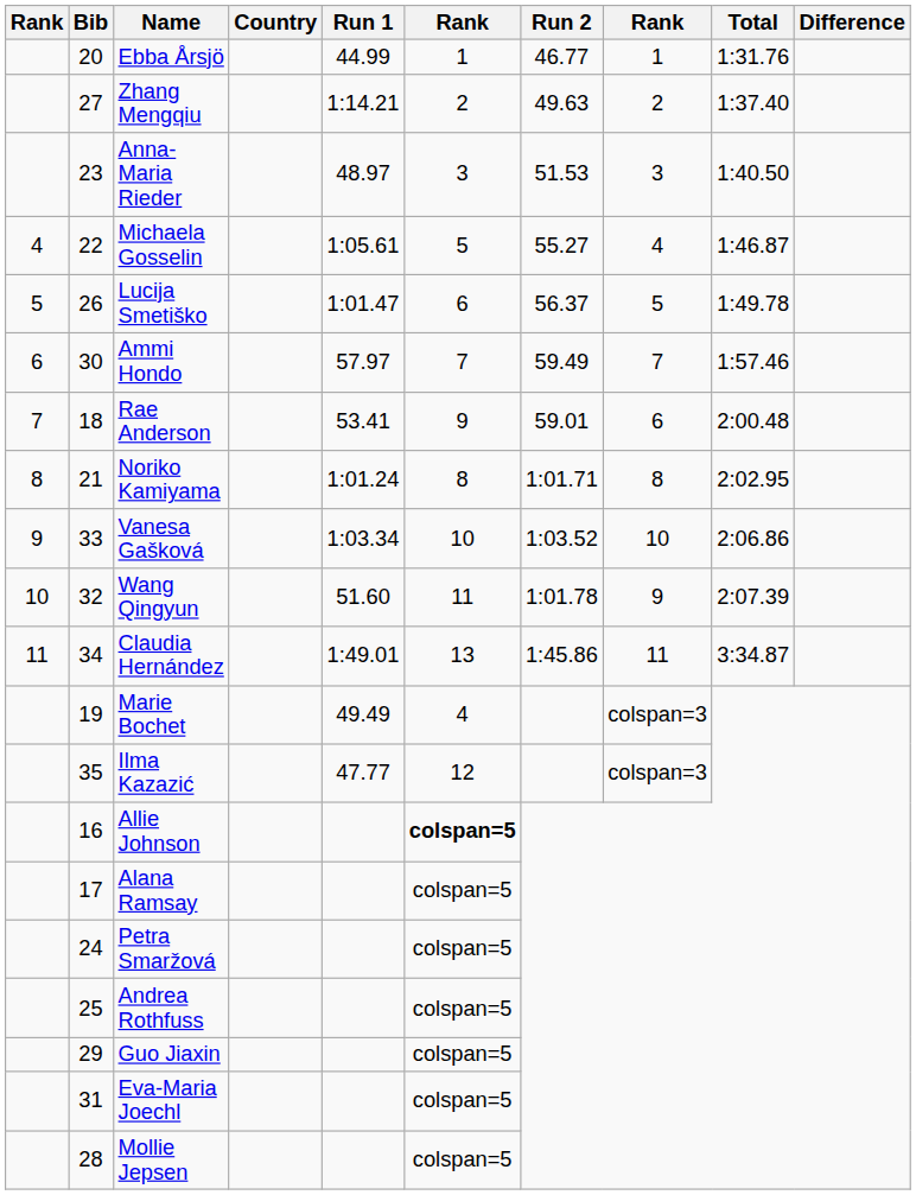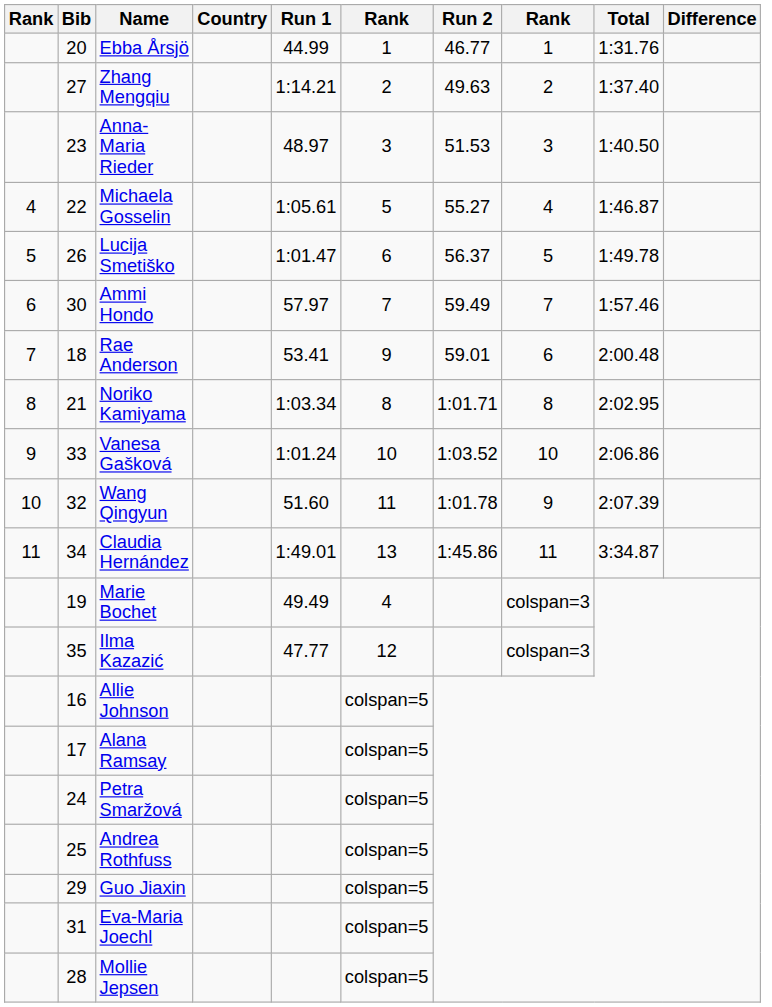 <table class="wikitable sortable" style="text-align:center">
 <tr>
 <th>Rank</th>
 <th>Bib</th>
 <th>Name</th>
 <th>Country</th>
 <th>Run 1</th>
 <th>Rank</th>
 <th>Run 2</th>
 <th>Rank</th>
 <th>Total</th>
 <th>Difference</th>
 </tr>
 <tr>
 <td></td>
 <td>20</td>
 <td align="left"><a href='#'>Ebba Årsjö</a></td>
 <td align="left"></td>
 <td>44.99</td>
 <td>1</td>
 <td>46.77</td>
 <td>1</td>
 <td>1:31.76</td>
 <td></td>
 </tr>
 <tr>
 <td></td>
 <td>27</td>
 <td align="left"><a href='#'>Zhang Mengqiu</a></td>
 <td align="left"></td>
 <td>1:14.21</td>
 <td>2</td>
 <td>49.63</td>
 <td>2</td>
 <td>1:37.40</td>
 <td></td>
 </tr>
 <tr>
 <td></td>
 <td>23</td>
 <td align="left"><a href='#'>Anna-Maria Rieder</a></td>
 <td align="left"></td>
 <td>48.97</td>
 <td>3</td>
 <td>51.53</td>
 <td>3</td>
 <td>1:40.50</td>
 <td></td>
 </tr>
 <tr>
 <td>4</td>
 <td>22</td>
 <td align="left"><a href='#'>Michaela Gosselin</a></td>
 <td align="left"></td>
 <td>1:05.61</td>
 <td>5</td>
 <td>55.27</td>
 <td>4</td>
 <td>1:46.87</td>
 <td></td>
 </tr>
 <tr>
 <td>5</td>
 <td>26</td>
 <td align="left"><a href='#'>Lucija Smetiško</a></td>
 <td align="left"></td>
 <td>1:01.47</td>
 <td>6</td>
 <td>56.37</td>
 <td>5</td>
 <td>1:49.78</td>
 <td></td>
 </tr>
 <tr>
 <td>6</td>
 <td>30</td>
 <td align="left"><a href='#'>Ammi Hondo</a></td>
 <td align="left"></td>
 <td>57.97</td>
 <td>7</td>
 <td>59.49</td>
 <td>7</td>
 <td>1:57.46</td>
 <td></td>
 </tr>
 <tr>
 <td>7</td>
 <td>18</td>
 <td align="left"><a href='#'>Rae Anderson</a></td>
 <td align="left"></td>
 <td>53.41</td>
 <td>9</td>
 <td>59.01</td>
 <td>6</td>
 <td>2:00.48</td>
 <td></td>
 </tr>
 <tr>
 <td>8</td>
 <td>21</td>
 <td align="left"><a href='#'>Noriko Kamiyama</a></td>
 <td align="left"></td>
-<td>1:01.24</td>
+<td>1:03.34</td>
 <td>8</td>
 <td>1:01.71</td>
 <td>8</td>
 <td>2:02.95</td>
 <td></td>
 </tr>
 <tr>
 <td>9</td>
 <td>33</td>
 <td align="left"><a href='#'>Vanesa Gašková</a></td>
 <td align="left"></td>
-<td>1:03.34</td>
+<td>1:01.24</td>
 <td>10</td>
 <td>1:03.52</td>
 <td>10</td>
 <td>2:06.86</td>
 <td></td>
 </tr>
 <tr>
 <td>10</td>
 <td>32</td>
 <td align="left"><a href='#'>Wang Qingyun</a></td>
 <td align="left"></td>
 <td>51.60</td>
 <td>11</td>
 <td>1:01.78</td>
 <td>9</td>
 <td>2:07.39</td>
 <td></td>
 </tr>
 <tr>
 <td>11</td>
 <td>34</td>
 <td align="left"><a href='#'>Claudia Hernández</a></td>
 <td align="left"></td>
 <td>1:49.01</td>
 <td>13</td>
 <td>1:45.86</td>
 <td>11</td>
 <td>3:34.87</td>
 <td></td>
 </tr>
 <tr>
 <td></td>
 <td>19</td>
 <td align="left"><a href='#'>Marie Bochet</a></td>
 <td align="left"></td>
 <td>49.49</td>
 <td>4</td>
 <td></td>
 <td>colspan=3 </td>
 </tr>
 <tr>
 <td></td>
 <td>35</td>
 <td align="left"><a href='#'>Ilma Kazazić</a></td>
 <td align="left"></td>
 <td>47.77</td>
 <td>12</td>
 <td></td>
 <td>colspan=3 </td>
 </tr>
 <tr>
 <td></td>
 <td>16</td>
 <td align="left"><a href='#'>Allie Johnson</a></td>
 <td align="left"></td>
 <td></td>
-<td><strong>colspan=5 </strong></td>
+<td>colspan=5 </td>
 </tr>
 <tr>
 <td></td>
 <td>17</td>
 <td align="left"><a href='#'>Alana Ramsay</a></td>
 <td align="left"></td>
 <td></td>
 <td>colspan=5 </td>
 </tr>
 <tr>
 <td></td>
 <td>24</td>
 <td align="left"><a href='#'>Petra Smaržová</a></td>
 <td align="left"></td>
 <td></td>
 <td>colspan=5 </td>
 </tr>
 <tr>
 <td></td>
 <td>25</td>
 <td align="left"><a href='#'>Andrea Rothfuss</a></td>
 <td align="left"></td>
 <td></td>
 <td>colspan=5 </td>
 </tr>
 <tr>
 <td></td>
 <td>29</td>
 <td align="left"><a href='#'>Guo Jiaxin</a></td>
 <td align="left"></td>
 <td></td>
 <td>colspan=5 </td>
 </tr>
 <tr>
 <td></td>
 <td>31</td>
 <td align="left"><a href='#'>Eva-Maria Joechl</a></td>
 <td align="left"></td>
 <td></td>
 <td>colspan=5 </td>
 </tr>
 <tr>
 <td></td>
 <td>28</td>
 <td align="left"><a href='#'>Mollie Jepsen</a></td>
 <td align="left"></td>
 <td></td>
 <td>colspan=5 </td>
 </tr>
 </table>
